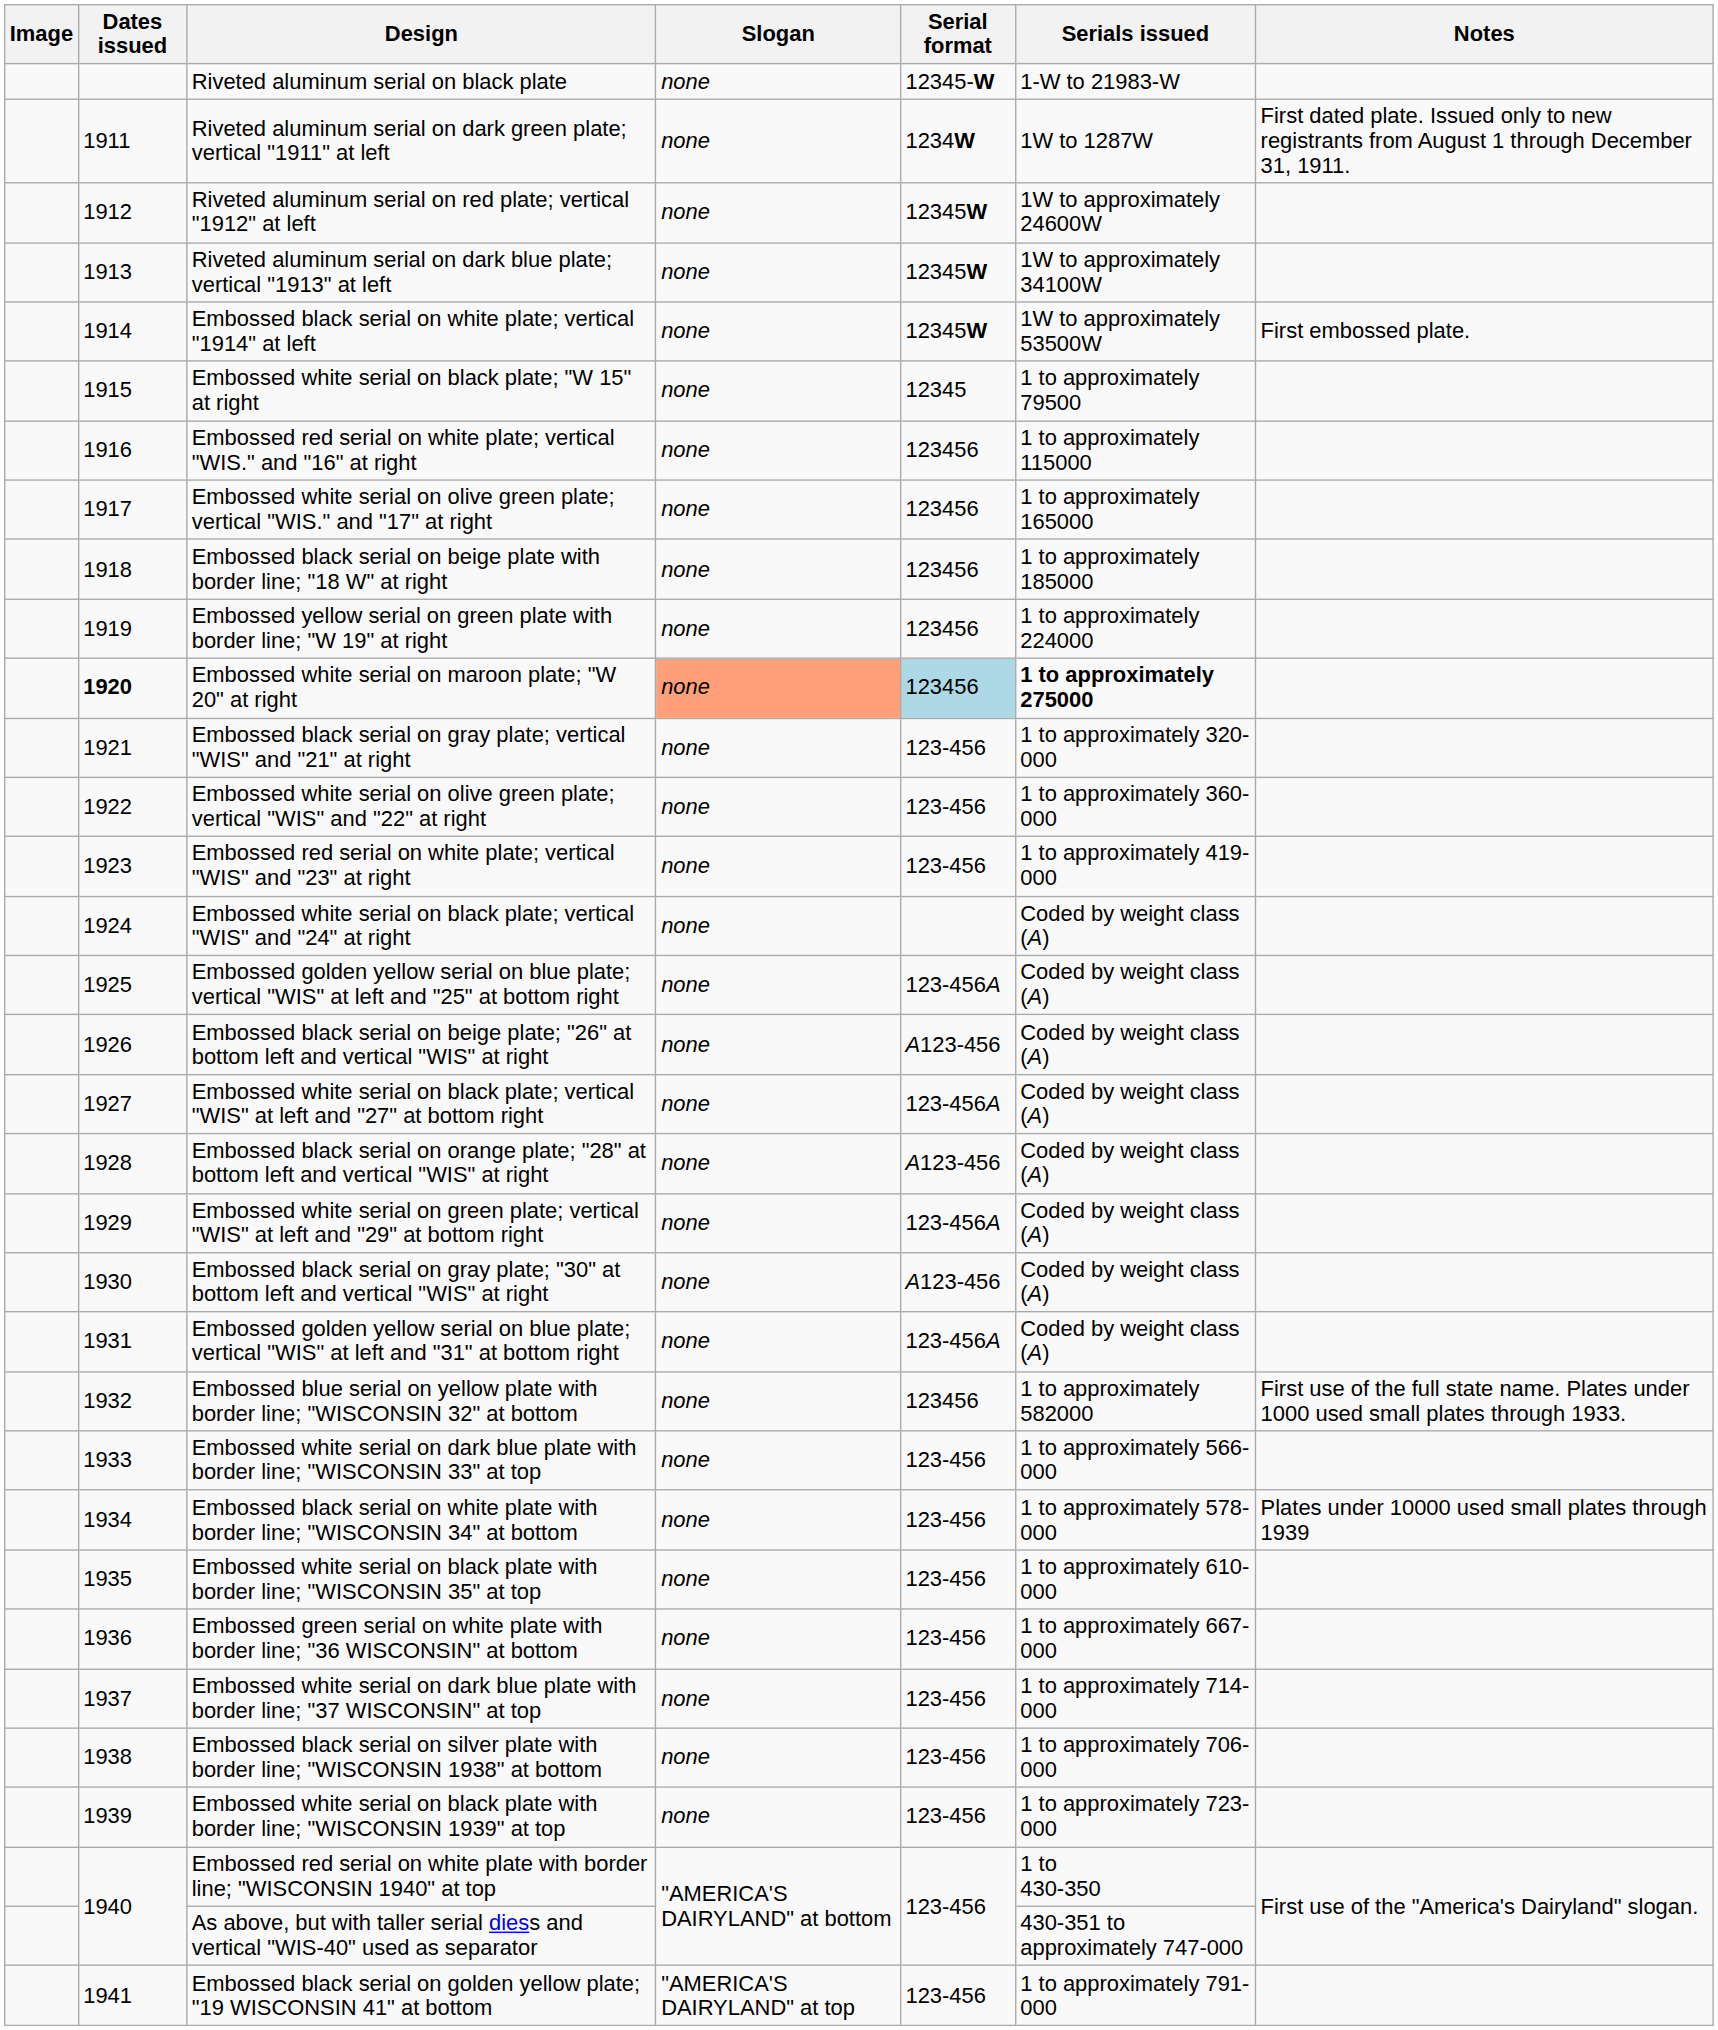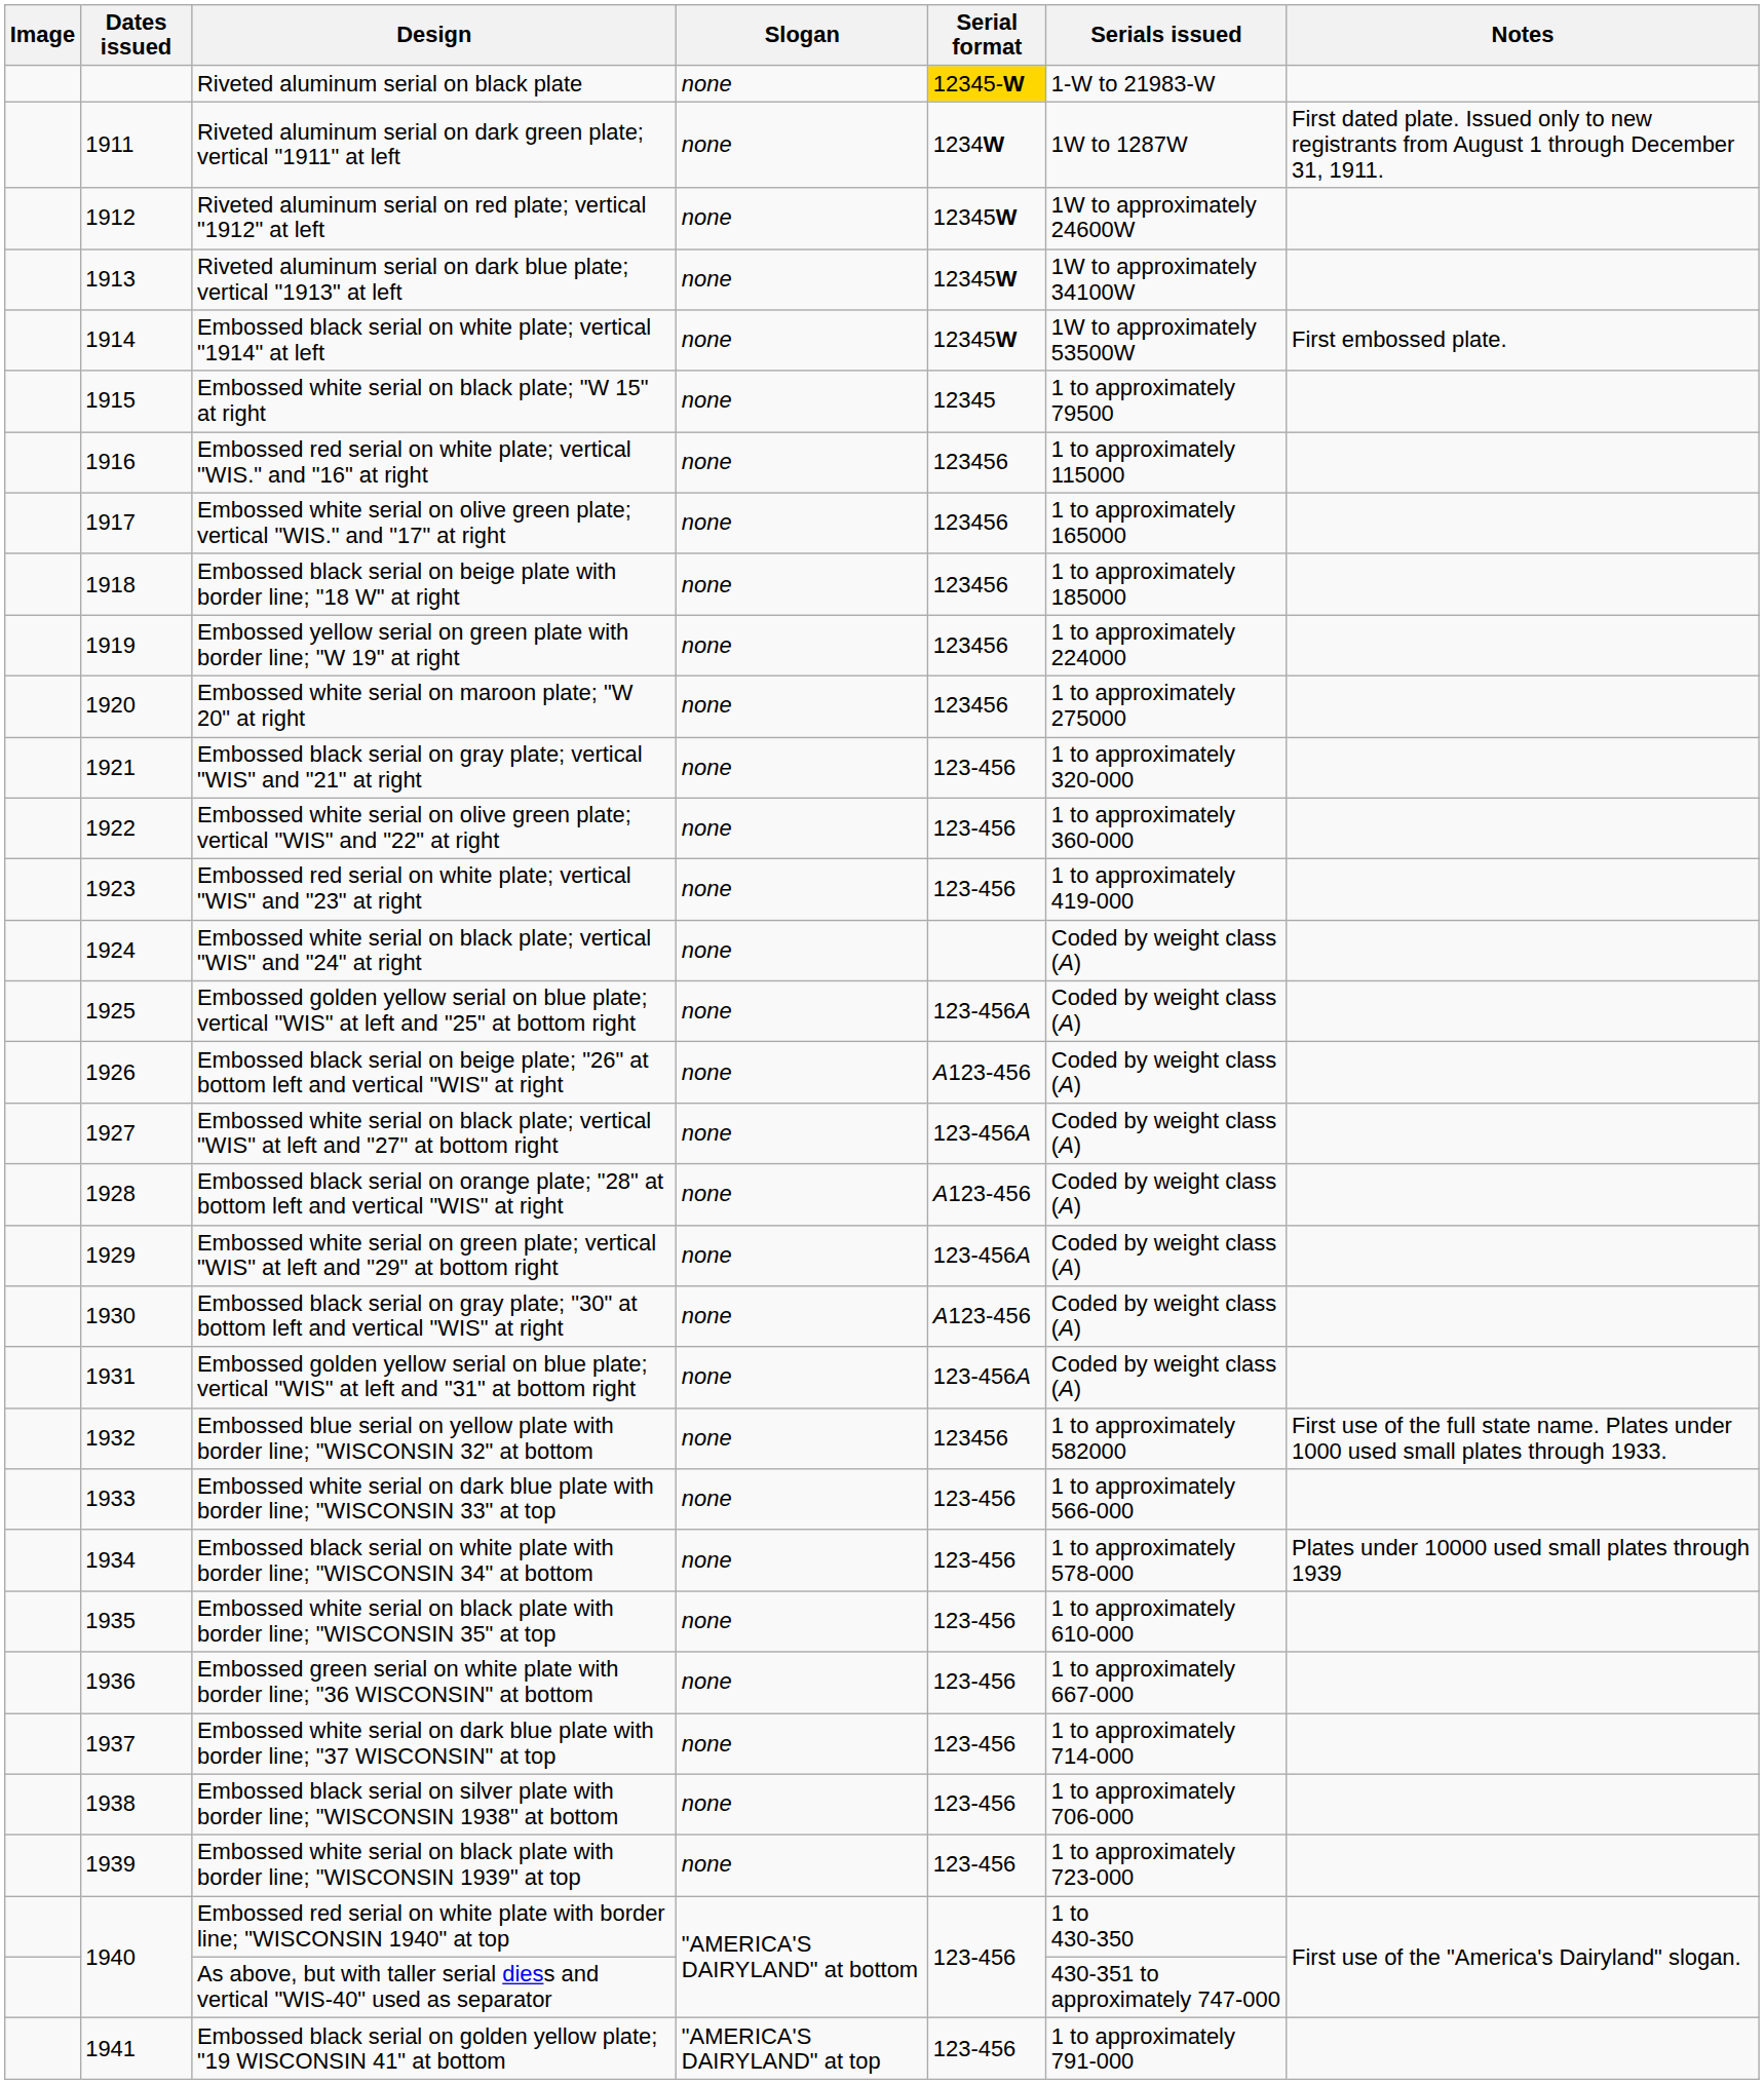 <table class="wikitable">
 <tr>
 <th>Image</th>
 <th>Dates issued</th>
 <th>Design</th>
 <th>Slogan</th>
 <th>Serial format</th>
 <th>Serials issued</th>
 <th>Notes</th>
 </tr>
 <tr>
 <td></td>
 <td></td>
 <td>Riveted aluminum serial on black plate</td>
 <td><em>none</em></td>
-<td>12345-<strong>W</strong></td>
+<td style="background: gold;">12345-<strong>W</strong></td>
 <td>1-W to 21983-W</td>
 <td></td>
 </tr>
 <tr>
 <td></td>
 <td>1911</td>
 <td>Riveted aluminum serial on dark green plate; vertical "1911" at left</td>
 <td><em>none</em></td>
 <td>1234<strong>W</strong></td>
 <td>1W to 1287W</td>
 <td>First dated plate. Issued only to new registrants from August 1 through December 31, 1911.</td>
 </tr>
 <tr>
 <td></td>
 <td>1912</td>
 <td>Riveted aluminum serial on red plate; vertical "1912" at left</td>
 <td><em>none</em></td>
 <td>12345<strong>W</strong></td>
 <td>1W to approximately 24600W</td>
 <td></td>
 </tr>
 <tr>
 <td></td>
 <td>1913</td>
 <td>Riveted aluminum serial on dark blue plate; vertical "1913" at left</td>
 <td><em>none</em></td>
 <td>12345<strong>W</strong></td>
 <td>1W to approximately 34100W</td>
 <td></td>
 </tr>
 <tr>
 <td></td>
 <td>1914</td>
 <td>Embossed black serial on white plate; vertical "1914" at left</td>
 <td><em>none</em></td>
 <td>12345<strong>W</strong></td>
 <td>1W to approximately 53500W</td>
 <td>First embossed plate.</td>
 </tr>
 <tr>
 <td></td>
 <td>1915</td>
 <td>Embossed white serial on black plate; "W 15" at right</td>
 <td><em>none</em></td>
 <td>12345</td>
 <td>1 to approximately 79500</td>
 <td></td>
 </tr>
 <tr>
 <td></td>
 <td>1916</td>
 <td>Embossed red serial on white plate; vertical "WIS." and "16" at right</td>
 <td><em>none</em></td>
 <td>123456</td>
 <td>1 to approximately 115000</td>
 <td></td>
 </tr>
 <tr>
 <td></td>
 <td>1917</td>
 <td>Embossed white serial on olive green plate; vertical "WIS." and "17" at right</td>
 <td><em>none</em></td>
 <td>123456</td>
 <td>1 to approximately 165000</td>
 <td></td>
 </tr>
 <tr>
 <td></td>
 <td>1918</td>
 <td>Embossed black serial on beige plate with border line; "18 W" at right</td>
 <td><em>none</em></td>
 <td>123456</td>
 <td>1 to approximately 185000</td>
 <td></td>
 </tr>
 <tr>
 <td></td>
 <td>1919</td>
 <td>Embossed yellow serial on green plate with border line; "W 19" at right</td>
 <td><em>none</em></td>
 <td>123456</td>
 <td>1 to approximately 224000</td>
 <td></td>
 </tr>
 <tr>
 <td></td>
-<td><strong>1920</strong></td>
+<td>1920</td>
 <td>Embossed white serial on maroon plate; "W 20" at right</td>
-<td style="background: lightsalmon;"><em>none</em></td>
-<td style="background: lightblue;">123456</td>
-<td><strong>1 to approximately 275000</strong></td>
+<td><em>none</em></td>
+<td>123456</td>
+<td>1 to approximately 275000</td>
 <td></td>
 </tr>
 <tr>
 <td></td>
 <td>1921</td>
 <td>Embossed black serial on gray plate; vertical "WIS" and "21" at right</td>
 <td><em>none</em></td>
 <td>123-456</td>
 <td>1 to approximately 320-000</td>
 <td></td>
 </tr>
 <tr>
 <td></td>
 <td>1922</td>
 <td>Embossed white serial on olive green plate; vertical "WIS" and "22" at right</td>
 <td><em>none</em></td>
 <td>123-456</td>
 <td>1 to approximately 360-000</td>
 <td></td>
 </tr>
 <tr>
 <td></td>
 <td>1923</td>
 <td>Embossed red serial on white plate; vertical "WIS" and "23" at right</td>
 <td><em>none</em></td>
 <td>123-456</td>
 <td>1 to approximately 419-000</td>
 <td></td>
 </tr>
 <tr>
 <td></td>
 <td>1924</td>
 <td>Embossed white serial on black plate; vertical "WIS" and "24" at right</td>
 <td><em>none</em></td>
 <td></td>
 <td>Coded by weight class (<em>A</em>)</td>
 <td></td>
 </tr>
 <tr>
 <td></td>
 <td>1925</td>
 <td>Embossed golden yellow serial on blue plate; vertical "WIS" at left and "25" at bottom right</td>
 <td><em>none</em></td>
 <td>123-456<em>A</em></td>
 <td>Coded by weight class (<em>A</em>)</td>
 <td></td>
 </tr>
 <tr>
 <td></td>
 <td>1926</td>
 <td>Embossed black serial on beige plate; "26" at bottom left and vertical "WIS" at right</td>
 <td><em>none</em></td>
 <td><em>A</em>123-456</td>
 <td>Coded by weight class (<em>A</em>)</td>
 <td></td>
 </tr>
 <tr>
 <td></td>
 <td>1927</td>
 <td>Embossed white serial on black plate; vertical "WIS" at left and "27" at bottom right</td>
 <td><em>none</em></td>
 <td>123-456<em>A</em></td>
 <td>Coded by weight class (<em>A</em>)</td>
 <td></td>
 </tr>
 <tr>
 <td></td>
 <td>1928</td>
 <td>Embossed black serial on orange plate; "28" at bottom left and vertical "WIS" at right</td>
 <td><em>none</em></td>
 <td><em>A</em>123-456</td>
 <td>Coded by weight class (<em>A</em>)</td>
 <td></td>
 </tr>
 <tr>
 <td></td>
 <td>1929</td>
 <td>Embossed white serial on green plate; vertical "WIS" at left and "29" at bottom right</td>
 <td><em>none</em></td>
 <td>123-456<em>A</em></td>
 <td>Coded by weight class (<em>A</em>)</td>
 <td></td>
 </tr>
 <tr>
 <td></td>
 <td>1930</td>
 <td>Embossed black serial on gray plate; "30" at bottom left and vertical "WIS" at right</td>
 <td><em>none</em></td>
 <td><em>A</em>123-456</td>
 <td>Coded by weight class (<em>A</em>)</td>
 <td></td>
 </tr>
 <tr>
 <td></td>
 <td>1931</td>
 <td>Embossed golden yellow serial on blue plate; vertical "WIS" at left and "31" at bottom right</td>
 <td><em>none</em></td>
 <td>123-456<em>A</em></td>
 <td>Coded by weight class (<em>A</em>)</td>
 <td></td>
 </tr>
 <tr>
 <td></td>
 <td>1932</td>
 <td>Embossed blue serial on yellow plate with border line; "WISCONSIN 32" at bottom</td>
 <td><em>none</em></td>
 <td>123456</td>
 <td>1 to approximately 582000</td>
 <td>First use of the full state name. Plates under 1000 used small plates through 1933.</td>
 </tr>
 <tr>
 <td></td>
 <td>1933</td>
 <td>Embossed white serial on dark blue plate with border line; "WISCONSIN 33" at top</td>
 <td><em>none</em></td>
 <td>123-456</td>
 <td>1 to approximately 566-000</td>
 <td></td>
 </tr>
 <tr>
 <td></td>
 <td>1934</td>
 <td>Embossed black serial on white plate with border line; "WISCONSIN 34" at bottom</td>
 <td><em>none</em></td>
 <td>123-456</td>
 <td>1 to approximately 578-000</td>
 <td>Plates under 10000 used small plates through 1939</td>
 </tr>
 <tr>
 <td></td>
 <td>1935</td>
 <td>Embossed white serial on black plate with border line; "WISCONSIN 35" at top</td>
 <td><em>none</em></td>
 <td>123-456</td>
 <td>1 to approximately 610-000</td>
 <td></td>
 </tr>
 <tr>
 <td></td>
 <td>1936</td>
 <td>Embossed green serial on white plate with border line; "36 WISCONSIN" at bottom</td>
 <td><em>none</em></td>
 <td>123-456</td>
 <td>1 to approximately 667-000</td>
 <td></td>
 </tr>
 <tr>
 <td></td>
 <td>1937</td>
 <td>Embossed white serial on dark blue plate with border line; "37 WISCONSIN" at top</td>
 <td><em>none</em></td>
 <td>123-456</td>
 <td>1 to approximately 714-000</td>
 <td></td>
 </tr>
 <tr>
 <td></td>
 <td>1938</td>
 <td>Embossed black serial on silver plate with border line; "WISCONSIN 1938" at bottom</td>
 <td><em>none</em></td>
 <td>123-456</td>
 <td>1 to approximately 706-000</td>
 <td></td>
 </tr>
 <tr>
 <td></td>
 <td>1939</td>
 <td>Embossed white serial on black plate with border line; "WISCONSIN 1939" at top</td>
 <td><em>none</em></td>
 <td>123-456</td>
 <td>1 to approximately 723-000</td>
 <td></td>
 </tr>
 <tr>
 <td></td>
 <td rowspan="2">1940</td>
 <td>Embossed red serial on white plate with border line; "WISCONSIN 1940" at top</td>
 <td rowspan="2">"AMERICA'S DAIRYLAND" at bottom</td>
 <td rowspan="2">123-456</td>
 <td>1 to<br>430-350</td>
 <td rowspan="2">First use of the "America's Dairyland" slogan.</td>
 </tr>
 <tr>
 <td></td>
 <td>As above, but with taller serial <a href='#'>dies</a>s and vertical "WIS-40" used as separator</td>
 <td>430-351 to approximately 747-000</td>
 </tr>
 <tr>
 <td></td>
 <td>1941</td>
 <td>Embossed black serial on golden yellow plate; "19 WISCONSIN 41" at bottom</td>
 <td>"AMERICA'S DAIRYLAND" at top</td>
 <td>123-456</td>
 <td>1 to approximately 791-000</td>
 <td></td>
 </tr>
 </table>
